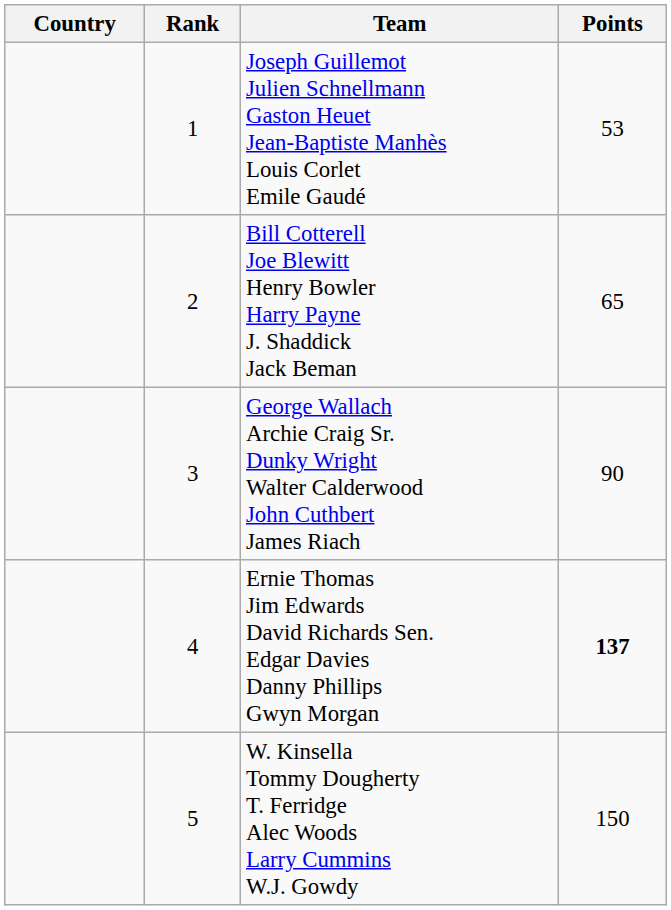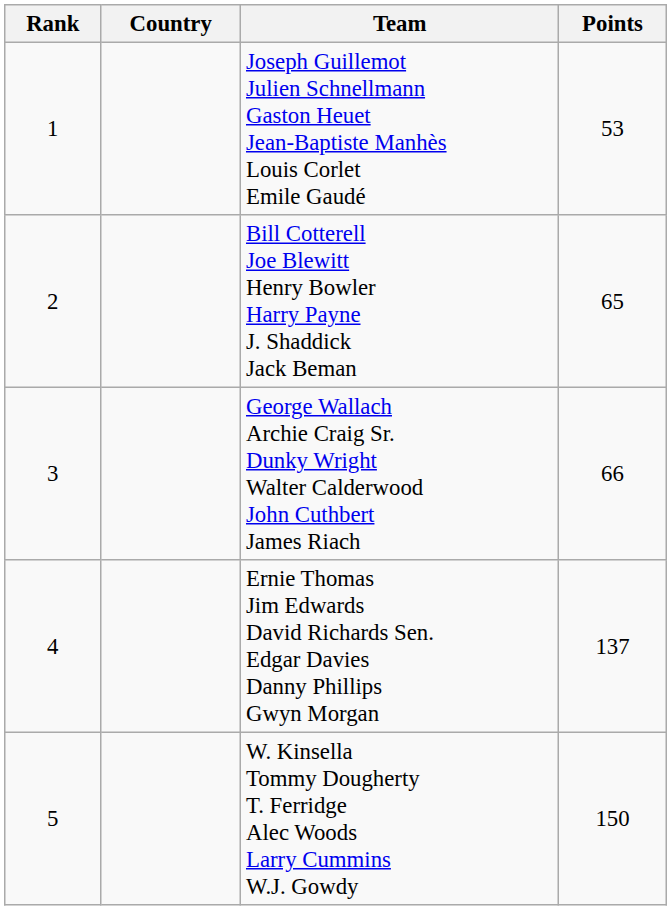 <table class="wikitable sortable" style=" text-align:center; font-size:95%;" width="50%">
 <tr>
+<th>Rank</th>
 <th>Country</th>
-<th>Rank</th>
 <th>Team</th>
 <th>Points</th>
 </tr>
 <tr>
+<td align=center>1</td>
 <td align=left></td>
-<td align=center>1</td>
 <td align=left><a href='#'>Joseph Guillemot</a><br><a href='#'>Julien Schnellmann</a><br><a href='#'>Gaston Heuet</a><br><a href='#'>Jean-Baptiste Manhès</a><br>Louis Corlet<br>Emile Gaudé</td>
 <td>53</td>
 </tr>
 <tr>
+<td align=center>2</td>
 <td align=left></td>
-<td align=center>2</td>
 <td align=left><a href='#'>Bill Cotterell</a><br><a href='#'>Joe Blewitt</a><br>Henry Bowler<br><a href='#'>Harry Payne</a><br>J. Shaddick<br>Jack Beman</td>
 <td>65</td>
 </tr>
 <tr>
+<td align=center>3</td>
 <td align=left></td>
-<td align=center>3</td>
 <td align=left><a href='#'>George Wallach</a><br>Archie Craig Sr.<br><a href='#'>Dunky Wright</a><br>Walter Calderwood<br><a href='#'>John Cuthbert</a><br>James Riach</td>
-<td>90</td>
+<td>66</td>
 </tr>
 <tr>
+<td align=center>4</td>
 <td align=left></td>
-<td align=center>4</td>
 <td align=left>Ernie Thomas<br>Jim Edwards<br>David Richards Sen.<br>Edgar Davies<br>Danny Phillips<br>Gwyn Morgan</td>
-<td><strong>137</strong></td>
+<td>137</td>
 </tr>
 <tr>
+<td align=center>5</td>
 <td align=left></td>
-<td align=center>5</td>
 <td align=left>W. Kinsella<br>Tommy Dougherty<br>T. Ferridge<br>Alec Woods<br><a href='#'>Larry Cummins</a><br>W.J. Gowdy</td>
 <td>150</td>
 </tr>
 </table>
